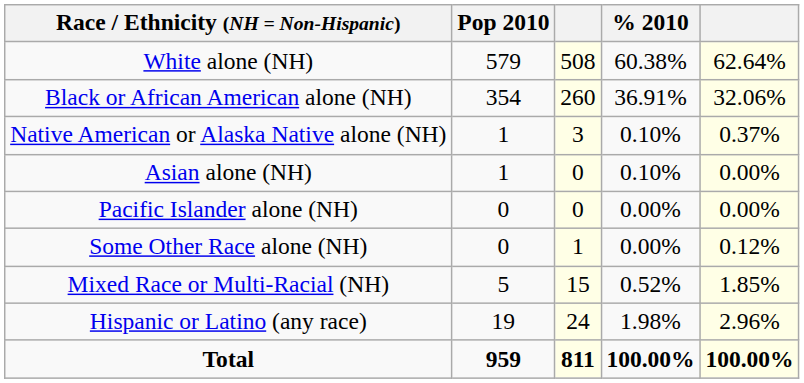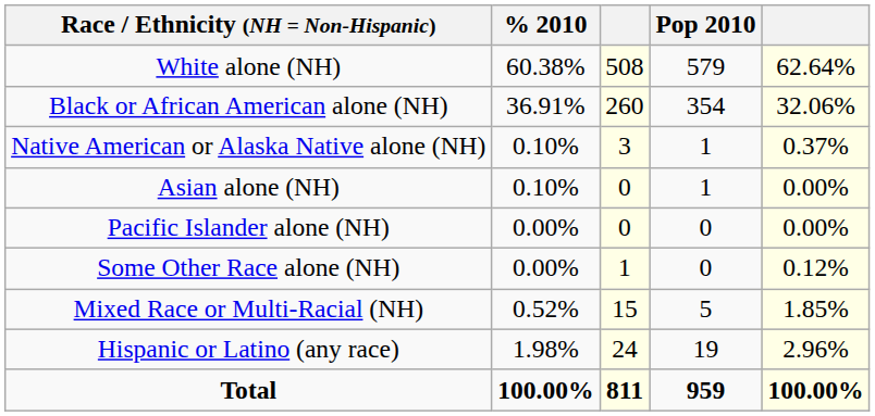 <table class="wikitable" style="text-align:center;">
 <tr>
 <th>Race / Ethnicity <small>(<em>NH = Non-Hispanic</em>)</small></th>
+<th>% 2010</th>
+<th></th>
 <th>Pop 2010</th>
-<th></th>
-<th>% 2010</th>
 <th></th>
 </tr>
 <tr>
 <td><a href='#'>White</a> alone (NH)</td>
+<td>60.38%</td>
+<td style='background: #ffffe6;'>508</td>
 <td>579</td>
-<td style='background: #ffffe6;'>508</td>
-<td>60.38%</td>
 <td style='background: #ffffe6;'>62.64%</td>
 </tr>
 <tr>
 <td><a href='#'>Black or African American</a> alone (NH)</td>
+<td>36.91%</td>
+<td style='background: #ffffe6;'>260</td>
 <td>354</td>
-<td style='background: #ffffe6;'>260</td>
-<td>36.91%</td>
 <td style='background: #ffffe6;'>32.06%</td>
 </tr>
 <tr>
 <td><a href='#'>Native American</a> or <a href='#'>Alaska Native</a> alone (NH)</td>
+<td>0.10%</td>
+<td style='background: #ffffe6;'>3</td>
 <td>1</td>
-<td style='background: #ffffe6;'>3</td>
-<td>0.10%</td>
 <td style='background: #ffffe6;'>0.37%</td>
 </tr>
 <tr>
 <td><a href='#'>Asian</a> alone (NH)</td>
+<td>0.10%</td>
+<td style='background: #ffffe6;'>0</td>
 <td>1</td>
-<td style='background: #ffffe6;'>0</td>
-<td>0.10%</td>
 <td style='background: #ffffe6;'>0.00%</td>
 </tr>
 <tr>
 <td><a href='#'>Pacific Islander</a> alone (NH)</td>
+<td>0.00%</td>
+<td style='background: #ffffe6;'>0</td>
 <td>0</td>
-<td style='background: #ffffe6;'>0</td>
-<td>0.00%</td>
 <td style='background: #ffffe6;'>0.00%</td>
 </tr>
 <tr>
 <td><a href='#'>Some Other Race</a> alone (NH)</td>
+<td>0.00%</td>
+<td style='background: #ffffe6;'>1</td>
 <td>0</td>
-<td style='background: #ffffe6;'>1</td>
-<td>0.00%</td>
 <td style='background: #ffffe6;'>0.12%</td>
 </tr>
 <tr>
 <td><a href='#'>Mixed Race or Multi-Racial</a> (NH)</td>
+<td>0.52%</td>
+<td style='background: #ffffe6;'>15</td>
 <td>5</td>
-<td style='background: #ffffe6;'>15</td>
-<td>0.52%</td>
 <td style='background: #ffffe6;'>1.85%</td>
 </tr>
 <tr>
 <td><a href='#'>Hispanic or Latino</a> (any race)</td>
+<td>1.98%</td>
+<td style='background: #ffffe6;'>24</td>
 <td>19</td>
-<td style='background: #ffffe6;'>24</td>
-<td>1.98%</td>
 <td style='background: #ffffe6;'>2.96%</td>
 </tr>
 <tr>
 <td><strong>Total</strong></td>
+<td><strong>100.00%</strong></td>
+<td style='background: #ffffe6;'><strong>811</strong></td>
 <td><strong>959</strong></td>
-<td style='background: #ffffe6;'><strong>811</strong></td>
-<td><strong>100.00%</strong></td>
 <td style='background: #ffffe6;'><strong>100.00%</strong></td>
 </tr>
 </table>
